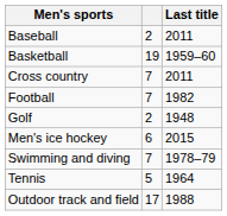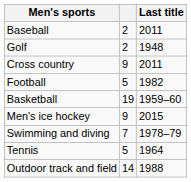 <table class="wikitable">
 <tr>
 <th>Men's sports</th>
 <th></th>
 <th>Last title</th>
 </tr>
 <tr>
 <td>Baseball</td>
 <td>2</td>
 <td>2011</td>
 </tr>
 <tr>
+<td>Golf</td>
+<td>2</td>
+<td>1948</td>
+</tr>
+<tr>
+<td>Cross country</td>
+<td>9</td>
+<td>2011</td>
+</tr>
+<tr>
+<td>Football</td>
+<td>5</td>
+<td>1982</td>
+</tr>
+<tr>
 <td>Basketball</td>
 <td>19</td>
 <td>1959–60</td>
 </tr>
 <tr>
-<td>Cross country</td>
-<td>7</td>
-<td>2011</td>
-</tr>
-<tr>
-<td>Football</td>
-<td>7</td>
-<td>1982</td>
-</tr>
-<tr>
-<td>Golf</td>
-<td>2</td>
-<td>1948</td>
-</tr>
-<tr>
 <td>Men's ice hockey</td>
-<td>6</td>
+<td>9</td>
 <td>2015</td>
 </tr>
 <tr>
 <td>Swimming and diving</td>
 <td>7</td>
 <td>1978–79</td>
 </tr>
 <tr>
 <td>Tennis</td>
 <td>5</td>
 <td>1964</td>
 </tr>
 <tr>
 <td>Outdoor track and field</td>
-<td>17</td>
+<td>14</td>
 <td>1988</td>
 </tr>
 </table>
